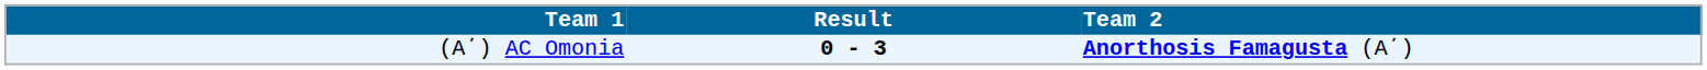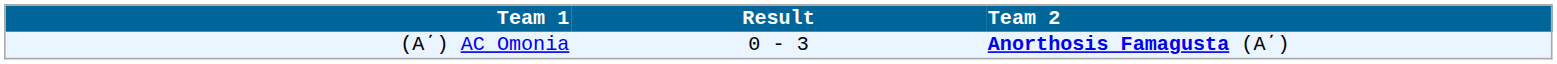 <table cellspacing="0" style="background: #EBF5FF; border: 1px #aaa solid; border-collapse: collapse; font-size: 95%;" width=60%>
 <tr bgcolor=#006699 style="color:white;">
 <th width=30% align="right">Team 1</th>
 <th width=22% align="center">Result</th>
 <th width=30% align="left">Team 2</th>
 </tr>
 <tr>
 <td align=right>(A΄) <a href='#'>AC Omonia</a></td>
-<td align=center><strong>0 - 3</strong></td>
+<td align=center>0 - 3</td>
 <td align=left><strong><a href='#'>Anorthosis Famagusta</a></strong> (A΄)</td>
 </tr>
 <tr>
 </tr>
 </table>
